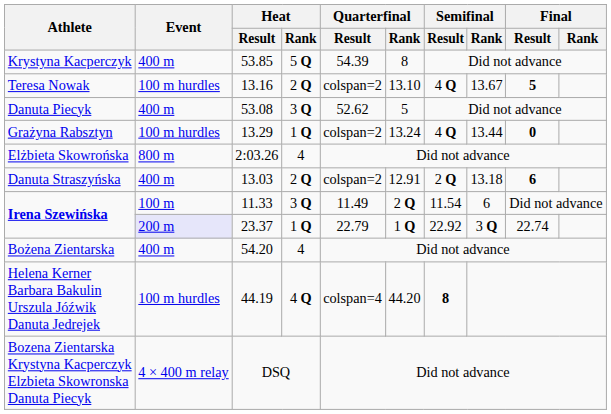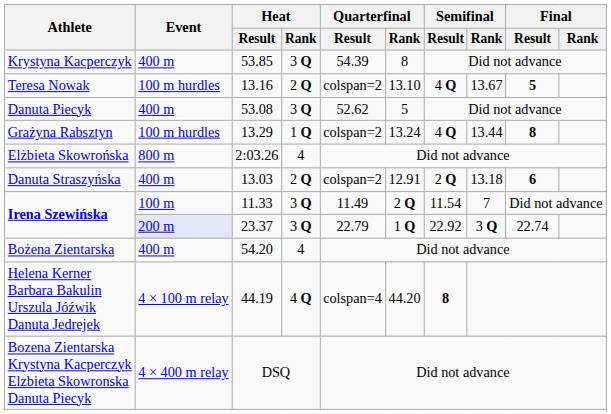 <table class="wikitable" style="font-size:90%">
 <tr>
 <th rowspan="2">Athlete</th>
 <th rowspan="2">Event</th>
 <th colspan="2">Heat</th>
 <th colspan="2">Quarterfinal</th>
 <th colspan="2">Semifinal</th>
 <th colspan="2">Final</th>
 </tr>
 <tr style="font-size:95%">
 <th>Result</th>
 <th>Rank</th>
 <th>Result</th>
 <th>Rank</th>
 <th>Result</th>
 <th>Rank</th>
 <th>Result</th>
 <th>Rank</th>
 </tr>
 <tr align=center>
 <td align=left><a href='#'>Krystyna Kacperczyk</a></td>
 <td align=left><a href='#'>400 m</a></td>
 <td>53.85</td>
-<td>5 <strong>Q</strong></td>
+<td>3 <strong>Q</strong></td>
 <td>54.39</td>
 <td>8</td>
 <td colspan=4>Did not advance</td>
 </tr>
 <tr align=center>
 <td align=left><a href='#'>Teresa Nowak</a></td>
 <td align=left><a href='#'>100 m hurdles</a></td>
 <td>13.16</td>
 <td>2 <strong>Q</strong></td>
 <td>colspan=2 </td>
 <td>13.10</td>
 <td>4 <strong>Q</strong></td>
 <td>13.67</td>
 <td><strong>5</strong></td>
 </tr>
 <tr align=center>
 <td align=left><a href='#'>Danuta Piecyk</a></td>
 <td align=left><a href='#'>400 m</a></td>
 <td>53.08</td>
 <td>3 <strong>Q</strong></td>
 <td>52.62</td>
 <td>5</td>
 <td colspan=4>Did not advance</td>
 </tr>
 <tr align=center>
 <td align=left><a href='#'>Grażyna Rabsztyn</a></td>
 <td align=left><a href='#'>100 m hurdles</a></td>
 <td>13.29</td>
 <td>1 <strong>Q</strong></td>
 <td>colspan=2 </td>
 <td>13.24</td>
 <td>4 <strong>Q</strong></td>
 <td>13.44</td>
-<td><strong>0</strong></td>
+<td><strong>8</strong></td>
 </tr>
 <tr align=center>
 <td align=left><a href='#'>Elżbieta Skowrońska</a></td>
 <td align=left><a href='#'>800 m</a></td>
 <td>2:03.26</td>
 <td>4</td>
 <td colspan=6>Did not advance</td>
 </tr>
 <tr align=center>
 <td align=left><a href='#'>Danuta Straszyńska</a></td>
 <td align=left><a href='#'>400 m</a></td>
 <td>13.03</td>
 <td>2 <strong>Q</strong></td>
 <td>colspan=2 </td>
 <td>12.91</td>
 <td>2 <strong>Q</strong></td>
 <td>13.18</td>
 <td><strong>6</strong></td>
 </tr>
 <tr align=center>
 <td style="text-align:left;" rowspan="2"><strong><a href='#'>Irena Szewińska</a></strong></td>
 <td align=left><a href='#'>100 m</a></td>
 <td>11.33</td>
 <td>3 <strong>Q</strong></td>
 <td>11.49</td>
 <td>2 <strong>Q</strong></td>
 <td>11.54</td>
-<td>6</td>
+<td>7</td>
 <td colspan=2>Did not advance</td>
 </tr>
 <tr align=center>
 <td align=left style="background: lavender;"><a href='#'>200 m</a></td>
 <td>23.37</td>
-<td>1 <strong>Q</strong></td>
+<td>3 <strong>Q</strong></td>
 <td>22.79</td>
 <td>1 <strong>Q</strong></td>
 <td>22.92</td>
 <td>3 <strong>Q</strong></td>
 <td>22.74</td>
 <td></td>
 </tr>
 <tr align=center>
 <td align=left><a href='#'>Bożena Zientarska</a></td>
 <td align=left><a href='#'>400 m</a></td>
 <td>54.20</td>
 <td>4</td>
 <td colspan=6>Did not advance</td>
 </tr>
 <tr align=center>
 <td align=left><a href='#'>Helena Kerner</a><br><a href='#'>Barbara Bakulin</a><br> <a href='#'>Urszula Jóźwik</a><br><a href='#'>Danuta Jedrejek</a></td>
-<td align=left><a href='#'>100 m hurdles</a></td>
+<td align=left><a href='#'>4 × 100 m relay</a></td>
 <td>44.19</td>
 <td>4 <strong>Q</strong></td>
 <td>colspan=4 </td>
 <td>44.20</td>
 <td><strong>8</strong></td>
 </tr>
 <tr align=center>
 <td align=left><a href='#'>Bozena Zientarska</a><br><a href='#'>Krystyna Kacperczyk</a><br><a href='#'>Elzbieta Skowronska</a><br><a href='#'>Danuta Piecyk</a></td>
 <td align=left><a href='#'>4 × 400 m relay</a></td>
 <td colspan=2>DSQ</td>
 <td colspan=6>Did not advance</td>
 </tr>
 </table>
